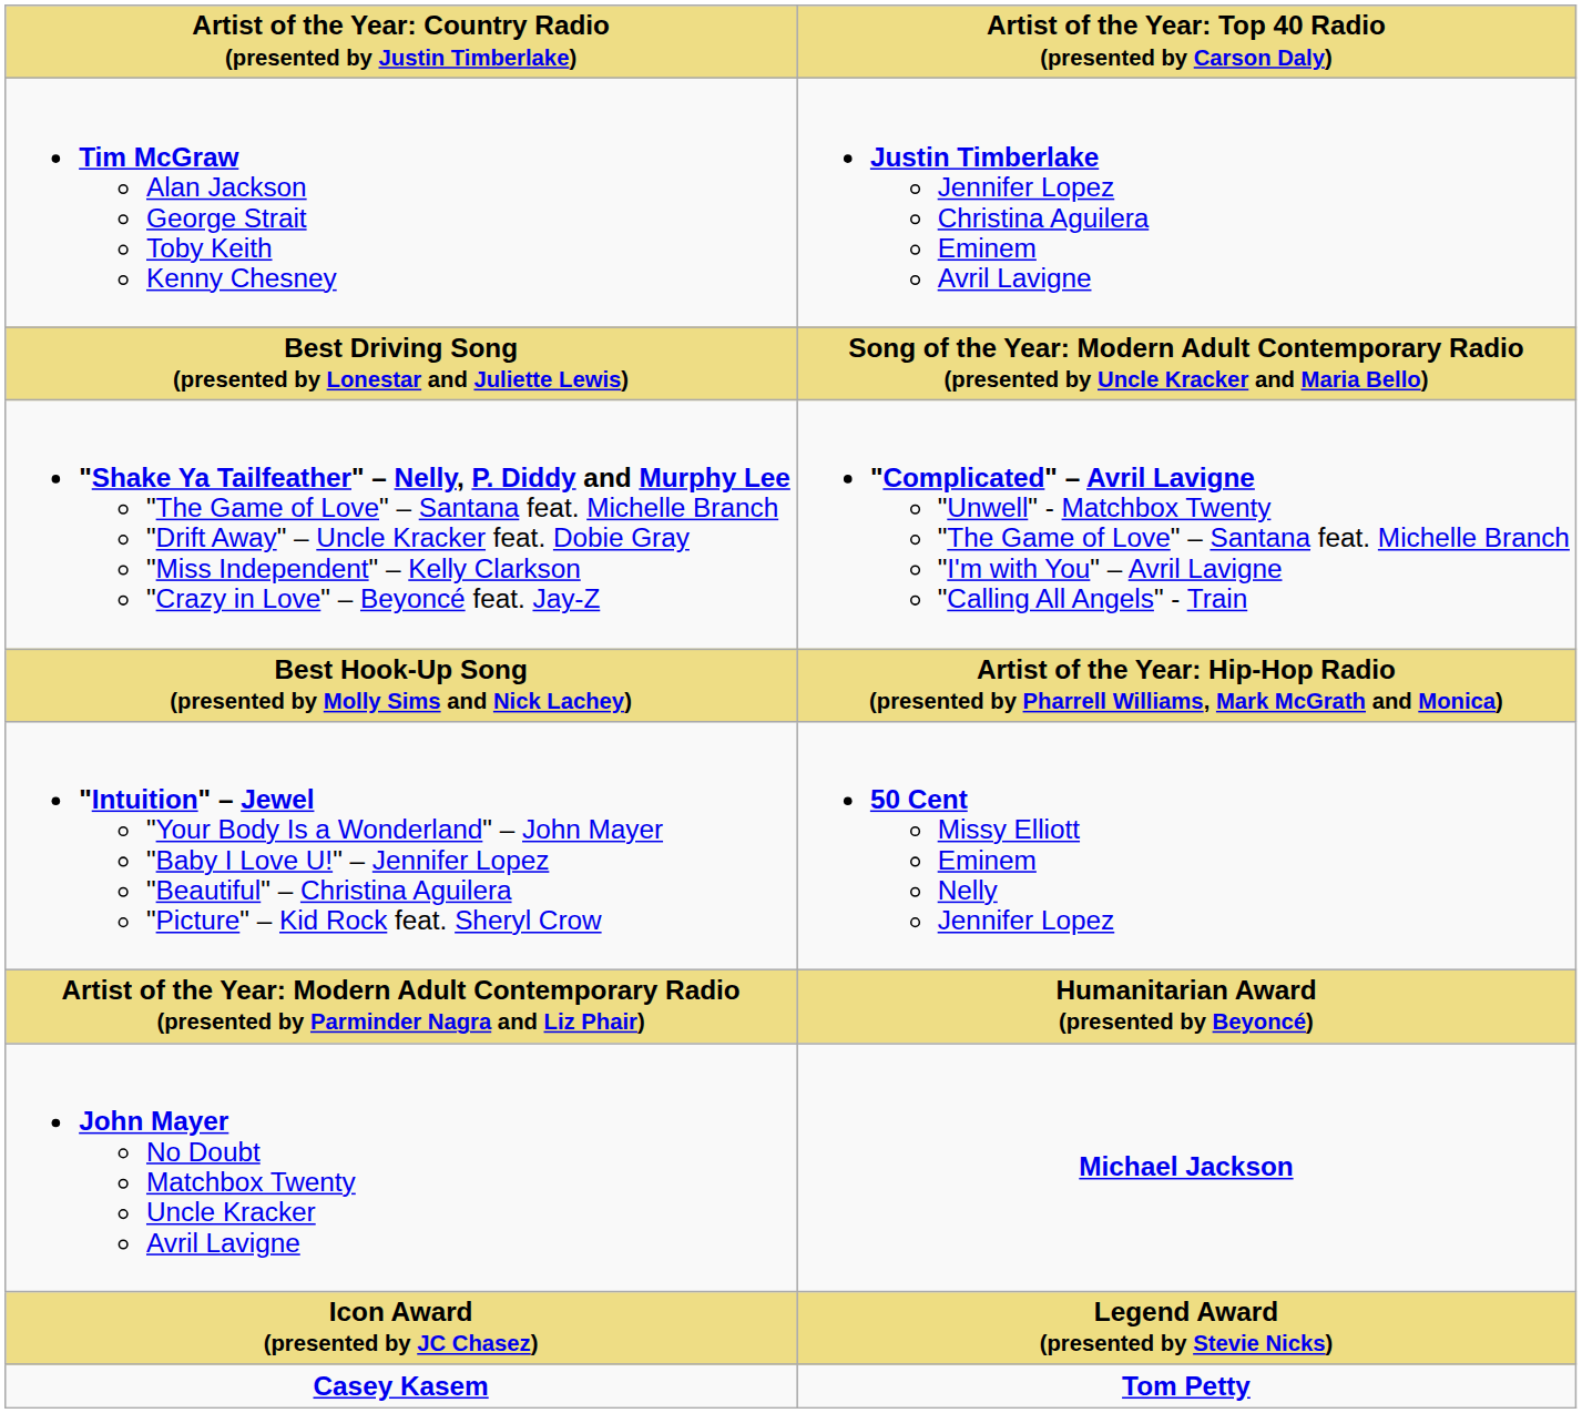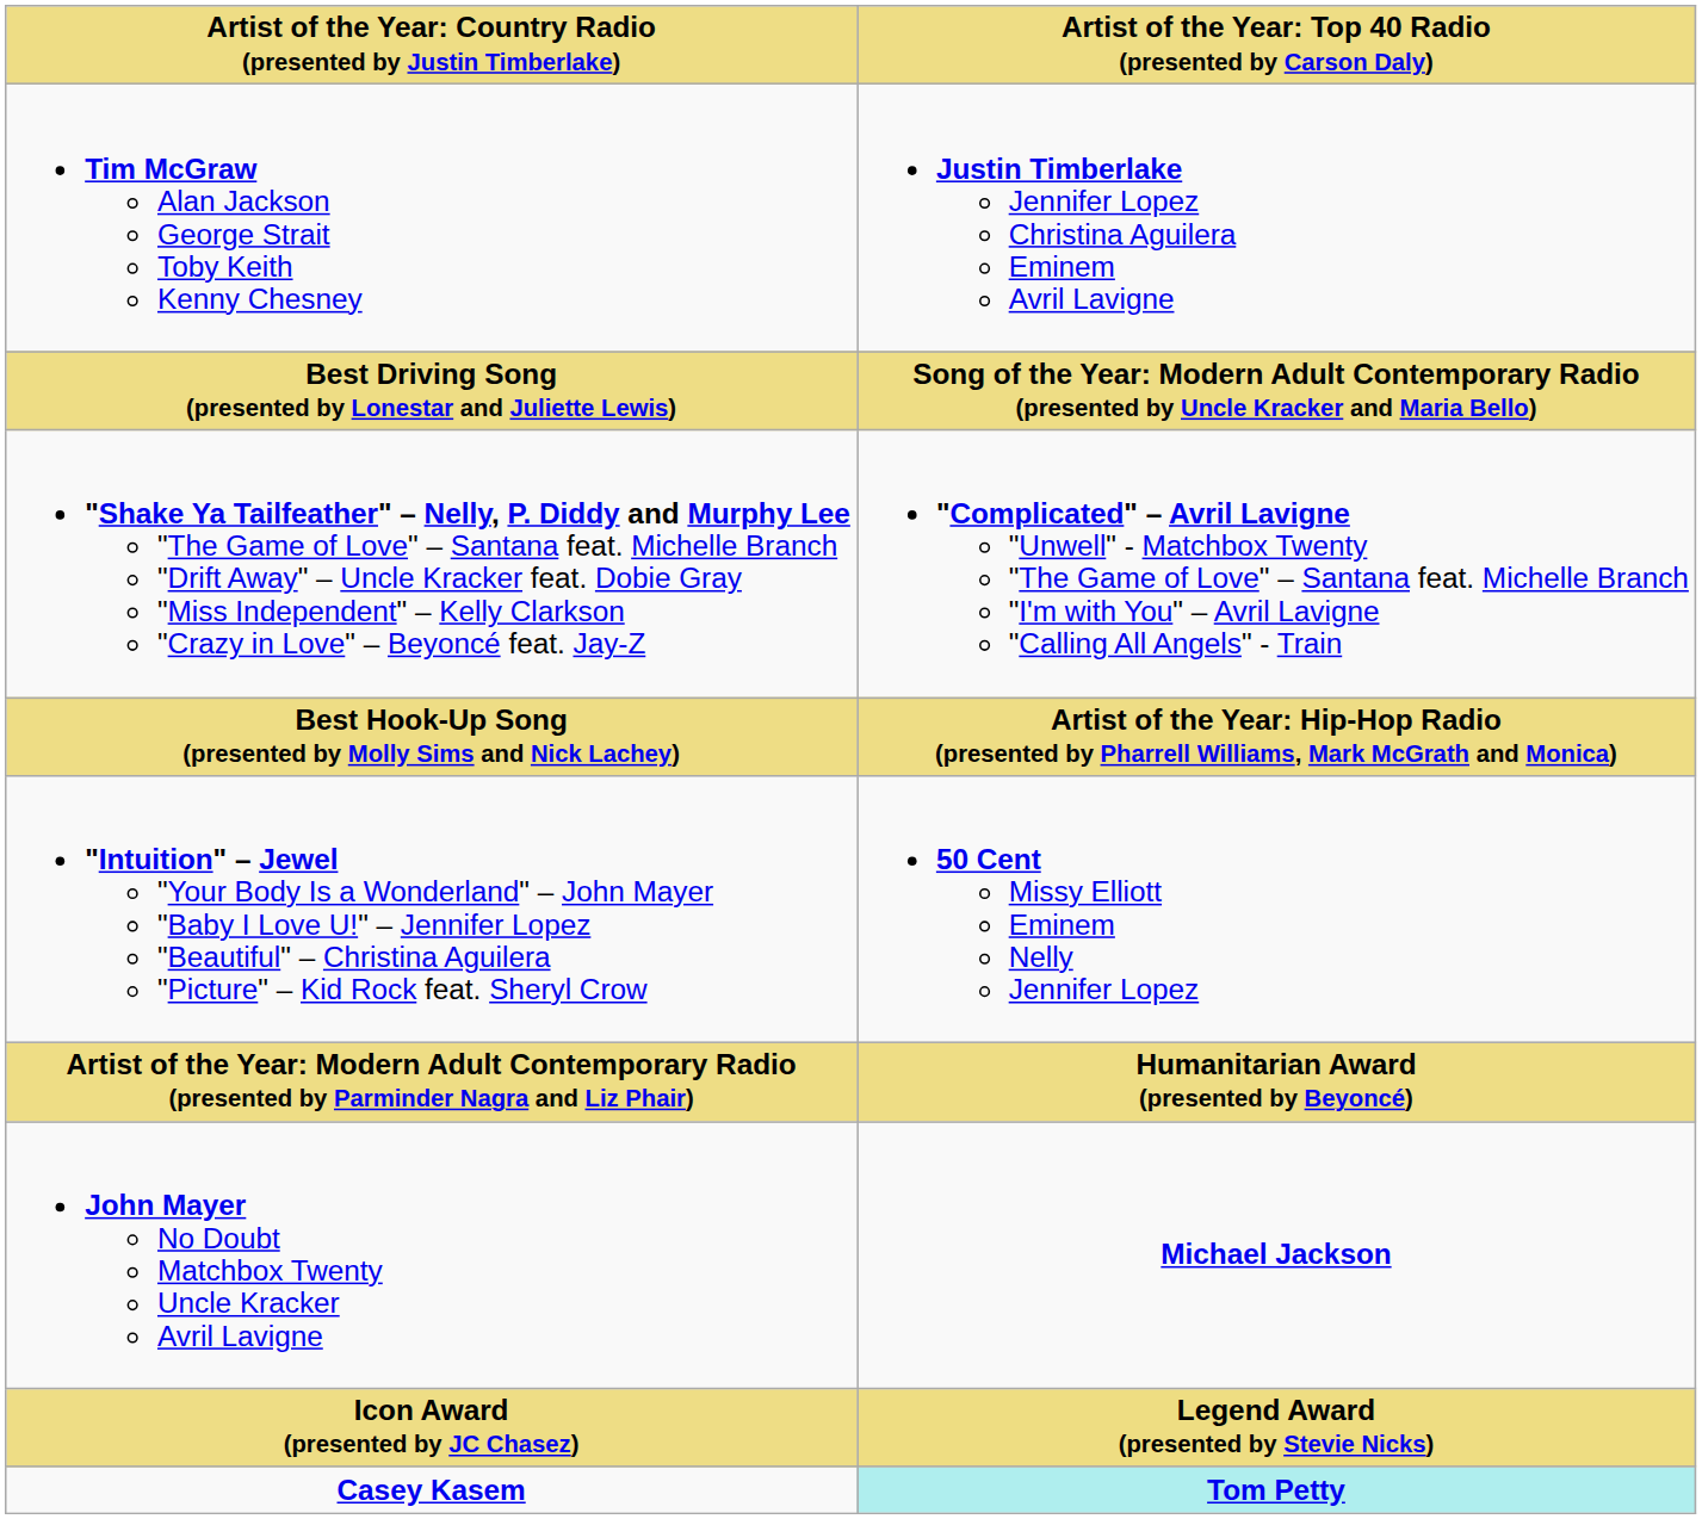 <table class=wikitable style="width="150%">
 <tr>
 <th style="background:#EEDD85; width=50%">Artist of the Year: Country Radio<br><small>(presented by <a href='#'>Justin Timberlake</a>)</small></th>
 <th style="background:#EEDD85; width=50%">Artist of the Year: Top 40 Radio<br><small>(presented by <a href='#'>Carson Daly</a>)</small></th>
 </tr>
 <tr>
 <td valign="top"><br><ul><li><strong><a href='#'>Tim McGraw</a></strong><ul><li><a href='#'>Alan Jackson</a></li><li><a href='#'>George Strait</a></li><li><a href='#'>Toby Keith</a></li><li><a href='#'>Kenny Chesney</a></li></ul></li></ul></td>
 <td valign="top"><br><ul><li><strong><a href='#'>Justin Timberlake</a></strong><ul><li><a href='#'>Jennifer Lopez</a></li><li><a href='#'>Christina Aguilera</a></li><li><a href='#'>Eminem</a></li><li><a href='#'>Avril Lavigne</a></li></ul></li></ul></td>
 </tr>
 <tr>
 <th style="background:#EEDD85; width=50%">Best Driving Song<br><small>(presented by <a href='#'>Lonestar</a> and <a href='#'>Juliette Lewis</a>)</small></th>
 <th style="background:#EEDD85; width=50%">Song of the Year: Modern Adult Contemporary Radio<br><small>(presented by <a href='#'>Uncle Kracker</a> and <a href='#'>Maria Bello</a>)</small></th>
 </tr>
 <tr>
 <td valign="top"><br><ul><li><strong>"<a href='#'>Shake Ya Tailfeather</a>" – <a href='#'>Nelly</a>, <a href='#'>P. Diddy</a> and <a href='#'>Murphy Lee</a></strong><ul><li>"<a href='#'>The Game of Love</a>" – <a href='#'>Santana</a> feat. <a href='#'>Michelle Branch</a></li><li>"<a href='#'>Drift Away</a>" – <a href='#'>Uncle Kracker</a> feat. <a href='#'>Dobie Gray</a></li><li>"<a href='#'>Miss Independent</a>" – <a href='#'>Kelly Clarkson</a></li><li>"<a href='#'>Crazy in Love</a>" – <a href='#'>Beyoncé</a> feat. <a href='#'>Jay-Z</a></li></ul></li></ul></td>
 <td valign="top"><br><ul><li><strong>"<a href='#'>Complicated</a>" – <a href='#'>Avril Lavigne</a></strong><ul><li>"<a href='#'>Unwell</a>" - <a href='#'>Matchbox Twenty</a></li><li>"<a href='#'>The Game of Love</a>" – <a href='#'>Santana</a> feat. <a href='#'>Michelle Branch</a></li><li>"<a href='#'>I'm with You</a>" – <a href='#'>Avril Lavigne</a></li><li>"<a href='#'>Calling All Angels</a>" - <a href='#'>Train</a></li></ul></li></ul></td>
 </tr>
 <tr>
 <th style="background:#EEDD85; width=50%">Best Hook-Up Song<br><small>(presented by <a href='#'>Molly Sims</a> and <a href='#'>Nick Lachey</a>)</small></th>
 <th style="background:#EEDD85; width=50%">Artist of the Year: Hip-Hop Radio<br><small>(presented by <a href='#'>Pharrell Williams</a>, <a href='#'>Mark McGrath</a> and <a href='#'>Monica</a>)</small></th>
 </tr>
 <tr>
 <td valign="top"><br><ul><li><strong>"<a href='#'>Intuition</a>" – <a href='#'>Jewel</a></strong><ul><li>"<a href='#'>Your Body Is a Wonderland</a>" – <a href='#'>John Mayer</a></li><li>"<a href='#'>Baby I Love U!</a>" – <a href='#'>Jennifer Lopez</a></li><li>"<a href='#'>Beautiful</a>" – <a href='#'>Christina Aguilera</a></li><li>"<a href='#'>Picture</a>" – <a href='#'>Kid Rock</a> feat. <a href='#'>Sheryl Crow</a></li></ul></li></ul></td>
 <td valign="top"><br><ul><li><strong><a href='#'>50 Cent</a></strong><ul><li><a href='#'>Missy Elliott</a></li><li><a href='#'>Eminem</a></li><li><a href='#'>Nelly</a></li><li><a href='#'>Jennifer Lopez</a></li></ul></li></ul></td>
 </tr>
 <tr>
 <th style="background:#EEDD85; width=50%">Artist of the Year: Modern Adult Contemporary Radio<br><small>(presented by <a href='#'>Parminder Nagra</a> and <a href='#'>Liz Phair</a>)</small></th>
 <th style="background:#EEDD85; width=50%">Humanitarian Award<br><small>(presented by <a href='#'>Beyoncé</a>)</small></th>
 </tr>
 <tr>
 <td valign="top"><br><ul><li><strong><a href='#'>John Mayer</a></strong><ul><li><a href='#'>No Doubt</a></li><li><a href='#'>Matchbox Twenty</a></li><li><a href='#'>Uncle Kracker</a></li><li><a href='#'>Avril Lavigne</a></li></ul></li></ul></td>
 <td colspan="2" style="text-align: center;"><strong><a href='#'>Michael Jackson</a></strong></td>
 </tr>
 <tr>
 <th style="background:#EEDD85; width=50%">Icon Award<br><small>(presented by <a href='#'>JC Chasez</a>)</small></th>
 <th style="background:#EEDD82; width=50%">Legend Award<br><small>(presented by <a href='#'>Stevie Nicks</a>)</small></th>
 </tr>
 <tr>
 <td style="text-align: center;"><strong><a href='#'>Casey Kasem</a></strong></td>
-<td style="text-align: center;"><strong><a href='#'>Tom Petty</a></strong></td>
+<td style="background: paleturquoise; text-align: center;"><strong><a href='#'>Tom Petty</a></strong></td>
 </tr>
 </table>
